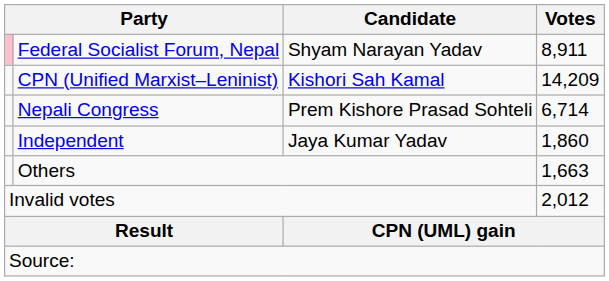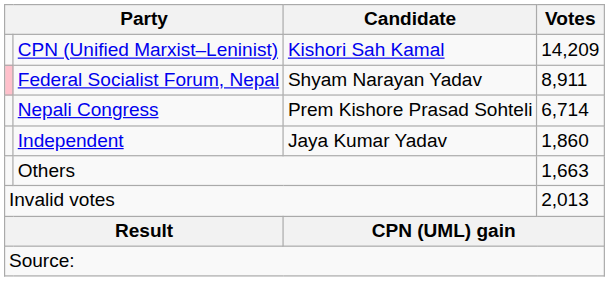 <table class="wikitable">
 <tr>
 <th colspan="2">Party</th>
 <th>Candidate</th>
 <th>Votes</th>
 </tr>
 <tr>
+<td style="background-color:"></td>
+<td><a href='#'>CPN (Unified Marxist–Leninist)</a></td>
+<td><a href='#'>Kishori Sah Kamal</a></td>
+<td>14,209</td>
+</tr>
+<tr>
 <td style="background-color:#ffc0cb"></td>
 <td><a href='#'>Federal Socialist Forum, Nepal</a></td>
 <td>Shyam Narayan Yadav</td>
 <td>8,911</td>
-</tr>
-<tr>
-<td style="background-color:"></td>
-<td><a href='#'>CPN (Unified Marxist–Leninist)</a></td>
-<td><a href='#'>Kishori Sah Kamal</a></td>
-<td>14,209</td>
 </tr>
 <tr>
 <td style="background-color:"></td>
 <td><a href='#'>Nepali Congress</a></td>
 <td>Prem Kishore Prasad Sohteli</td>
 <td>6,714</td>
 </tr>
 <tr>
 <td style="background-color:"></td>
 <td><a href='#'>Independent</a></td>
 <td>Jaya Kumar Yadav</td>
 <td>1,860</td>
 </tr>
 <tr>
 <td></td>
 <td colspan="2">Others</td>
 <td>1,663</td>
 </tr>
 <tr>
 <td colspan="3">Invalid votes</td>
-<td>2,012</td>
+<td>2,013</td>
 </tr>
 <tr>
 <th colspan="2">Result</th>
 <th colspan="2">CPN (UML) gain</th>
 </tr>
 <tr>
 <td colspan="4">Source: </td>
 </tr>
 </table>
